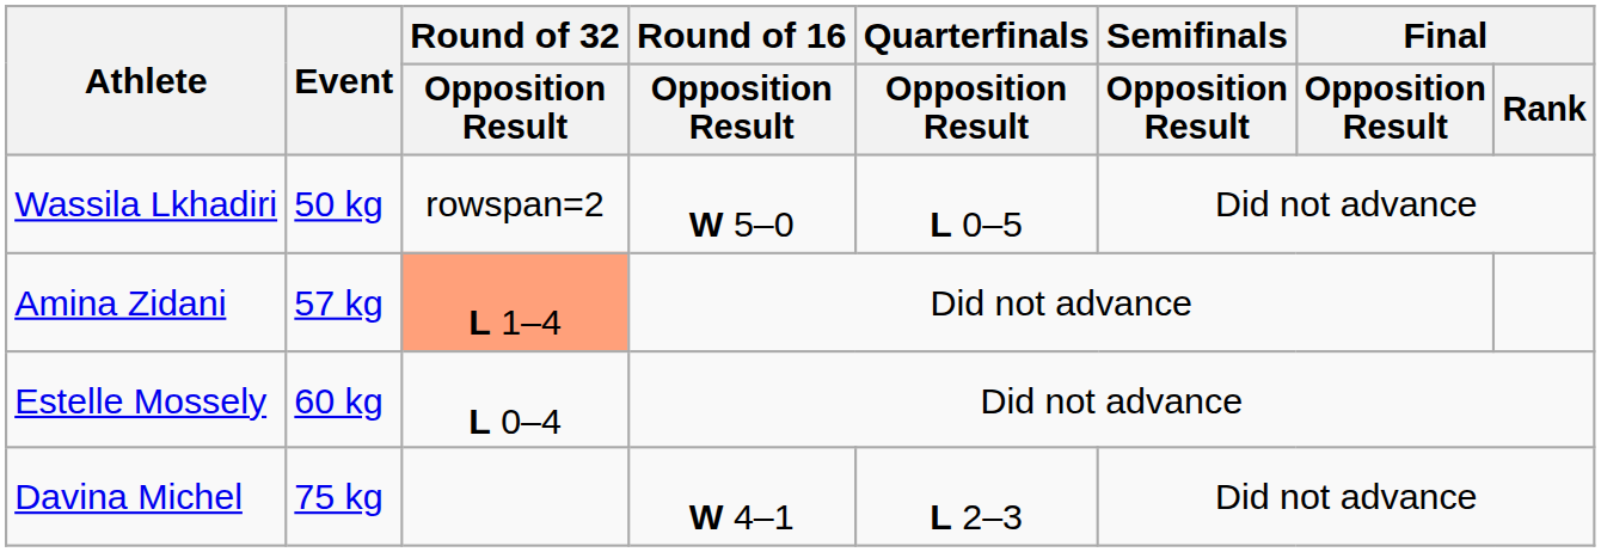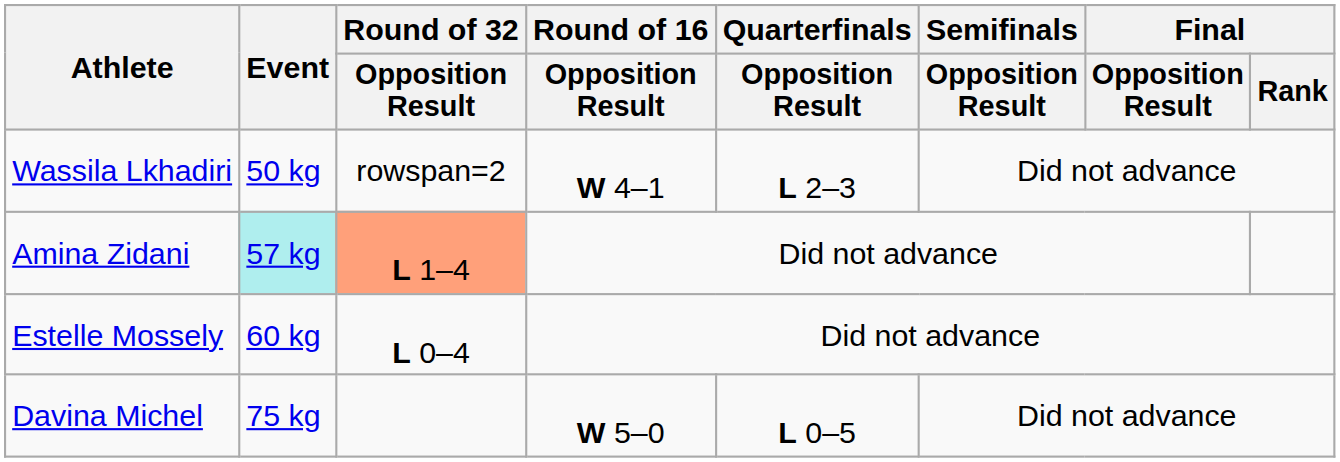 <table class="wikitable" style="font-size:90%">
 <tr>
 <th rowspan="2">Athlete</th>
 <th rowspan="2">Event</th>
 <th>Round of 32</th>
 <th>Round of 16</th>
 <th>Quarterfinals</th>
 <th>Semifinals</th>
 <th colspan=2>Final</th>
 </tr>
 <tr style="font-size:95%">
 <th>Opposition<br>Result</th>
 <th>Opposition<br>Result</th>
 <th>Opposition<br>Result</th>
 <th>Opposition<br>Result</th>
 <th>Opposition<br>Result</th>
 <th>Rank</th>
 </tr>
 <tr align=center>
 <td align=left><a href='#'>Wassila Lkhadiri</a></td>
 <td align=left><a href='#'>50 kg</a></td>
 <td>rowspan=2 </td>
-<td><br><strong>W</strong> 5–0</td>
-<td><br><strong>L</strong> 0–5</td>
+<td><br><strong>W</strong> 4–1</td>
+<td><br><strong>L</strong> 2–3</td>
 <td colspan="3">Did not advance</td>
 </tr>
 <tr align=center>
 <td align=left><a href='#'>Amina Zidani</a></td>
-<td align=left><a href='#'>57 kg</a></td>
+<td align=left style="background: paleturquoise;"><a href='#'>57 kg</a></td>
 <td style="background: lightsalmon;"><br><strong>L</strong> 1–4</td>
 <td colspan="4">Did not advance</td>
 </tr>
 <tr align=center>
 <td align=left><a href='#'>Estelle Mossely</a></td>
 <td align=left><a href='#'>60 kg</a></td>
 <td><br><strong>L</strong> 0–4</td>
 <td colspan="5">Did not advance</td>
 </tr>
 <tr align=center>
 <td align=left><a href='#'>Davina Michel</a></td>
 <td align=left><a href='#'>75 kg</a></td>
 <td></td>
-<td><br><strong>W</strong> 4–1</td>
-<td><br><strong>L</strong> 2–3</td>
+<td><br><strong>W</strong> 5–0</td>
+<td><br><strong>L</strong> 0–5</td>
 <td colspan="3">Did not advance</td>
 </tr>
 </table>
